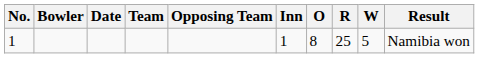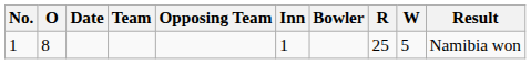 <table class="wikitable">
 <tr>
 <th>No.</th>
-<th>Bowler</th>
+<th scope="col" style="width:20px;">O</th>
 <th>Date</th>
 <th>Team</th>
 <th>Opposing Team</th>
 <th scope="col" style="width:20px;">Inn</th>
-<th scope="col" style="width:20px;">O</th>
+<th>Bowler</th>
 <th scope="col" style="width:20px;">R</th>
 <th scope="col" style="width:20px;">W</th>
 <th>Result</th>
 </tr>
 <tr>
 <td>1</td>
-<td></td>
+<td>8</td>
 <td></td>
 <td></td>
 <td></td>
 <td>1</td>
-<td>8</td>
+<td></td>
 <td>25</td>
 <td>5</td>
 <td>Namibia won</td>
 </tr>
 </table>
